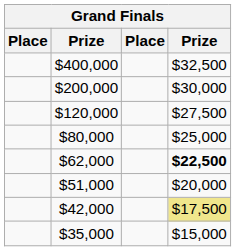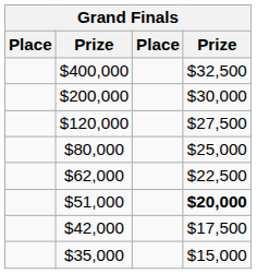 <table class="wikitable" style="text-align:center; margin-top:0px;">
 <tr>
 <th colspan=8>Grand Finals</th>
 </tr>
 <tr>
 <th>Place</th>
 <th>Prize </th>
 <th>Place</th>
 <th>Prize </th>
 </tr>
 <tr>
 <td></td>
 <td>$400,000</td>
 <td></td>
 <td>$32,500</td>
 </tr>
 <tr>
 <td></td>
 <td>$200,000</td>
 <td></td>
 <td>$30,000</td>
 </tr>
 <tr>
 <td></td>
 <td>$120,000</td>
 <td></td>
 <td>$27,500</td>
 </tr>
 <tr>
 <td></td>
 <td>$80,000</td>
 <td></td>
 <td>$25,000</td>
 </tr>
 <tr>
 <td></td>
 <td>$62,000</td>
 <td></td>
-<td><strong>$22,500</strong></td>
+<td>$22,500</td>
 </tr>
 <tr>
 <td></td>
 <td>$51,000</td>
 <td></td>
-<td>$20,000</td>
+<td><strong>$20,000</strong></td>
 </tr>
 <tr>
 <td></td>
 <td>$42,000</td>
 <td></td>
-<td style="background: khaki;">$17,500</td>
+<td>$17,500</td>
 </tr>
 <tr>
 <td></td>
 <td>$35,000</td>
 <td></td>
 <td>$15,000</td>
 </tr>
 </table>
